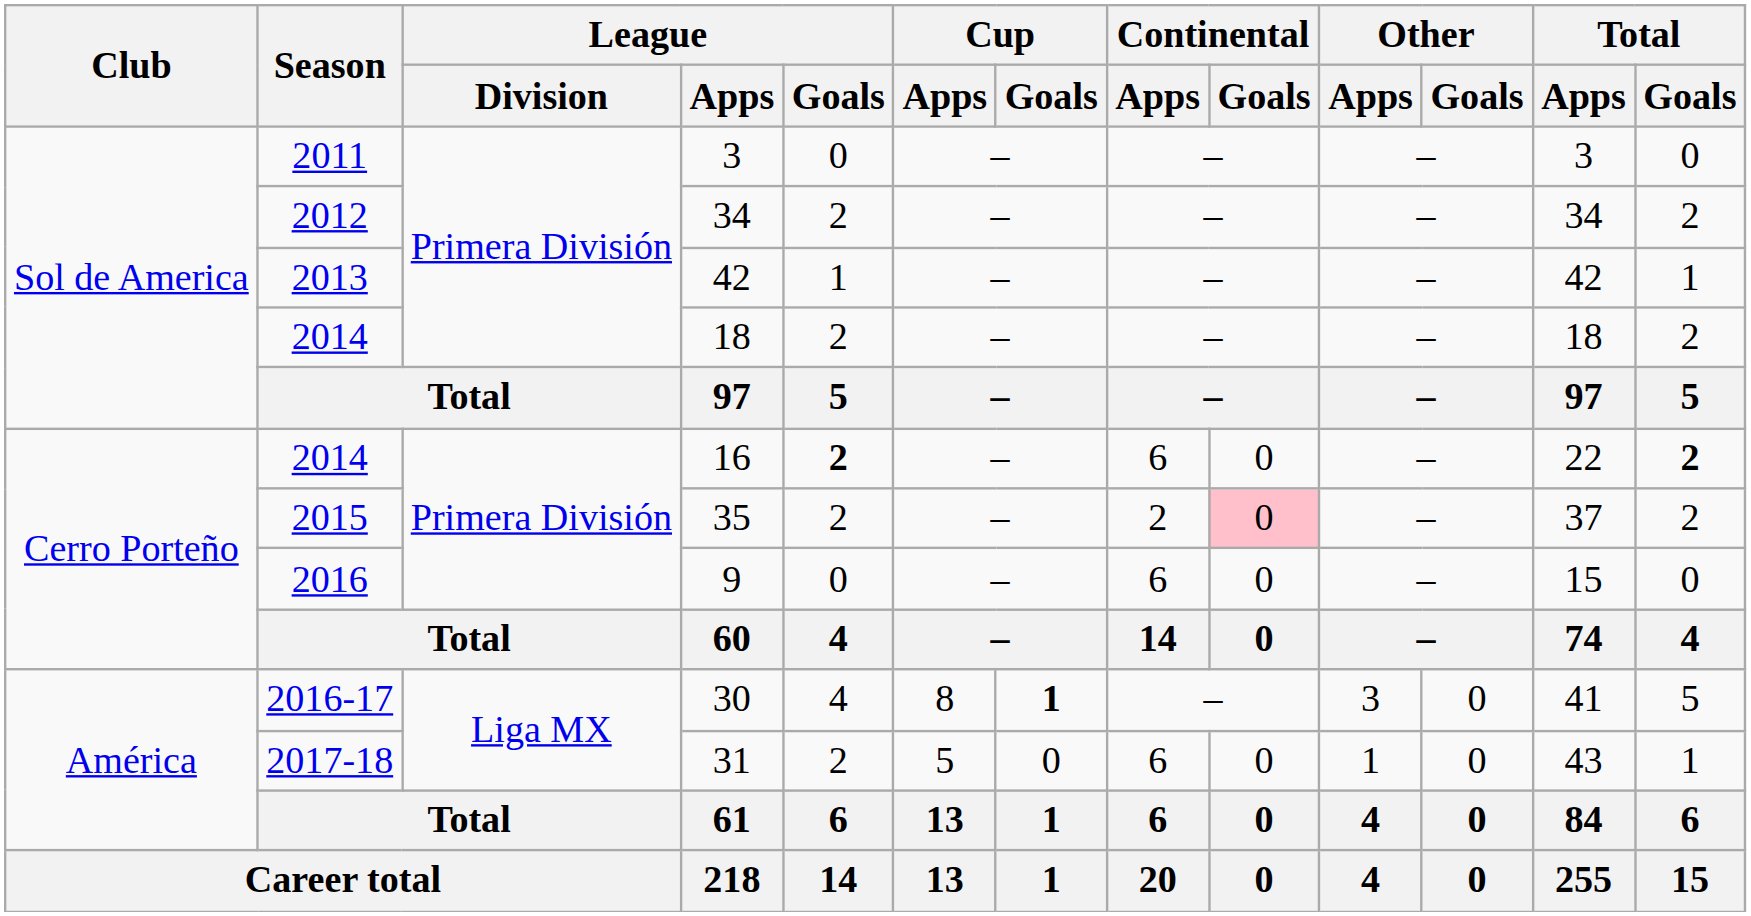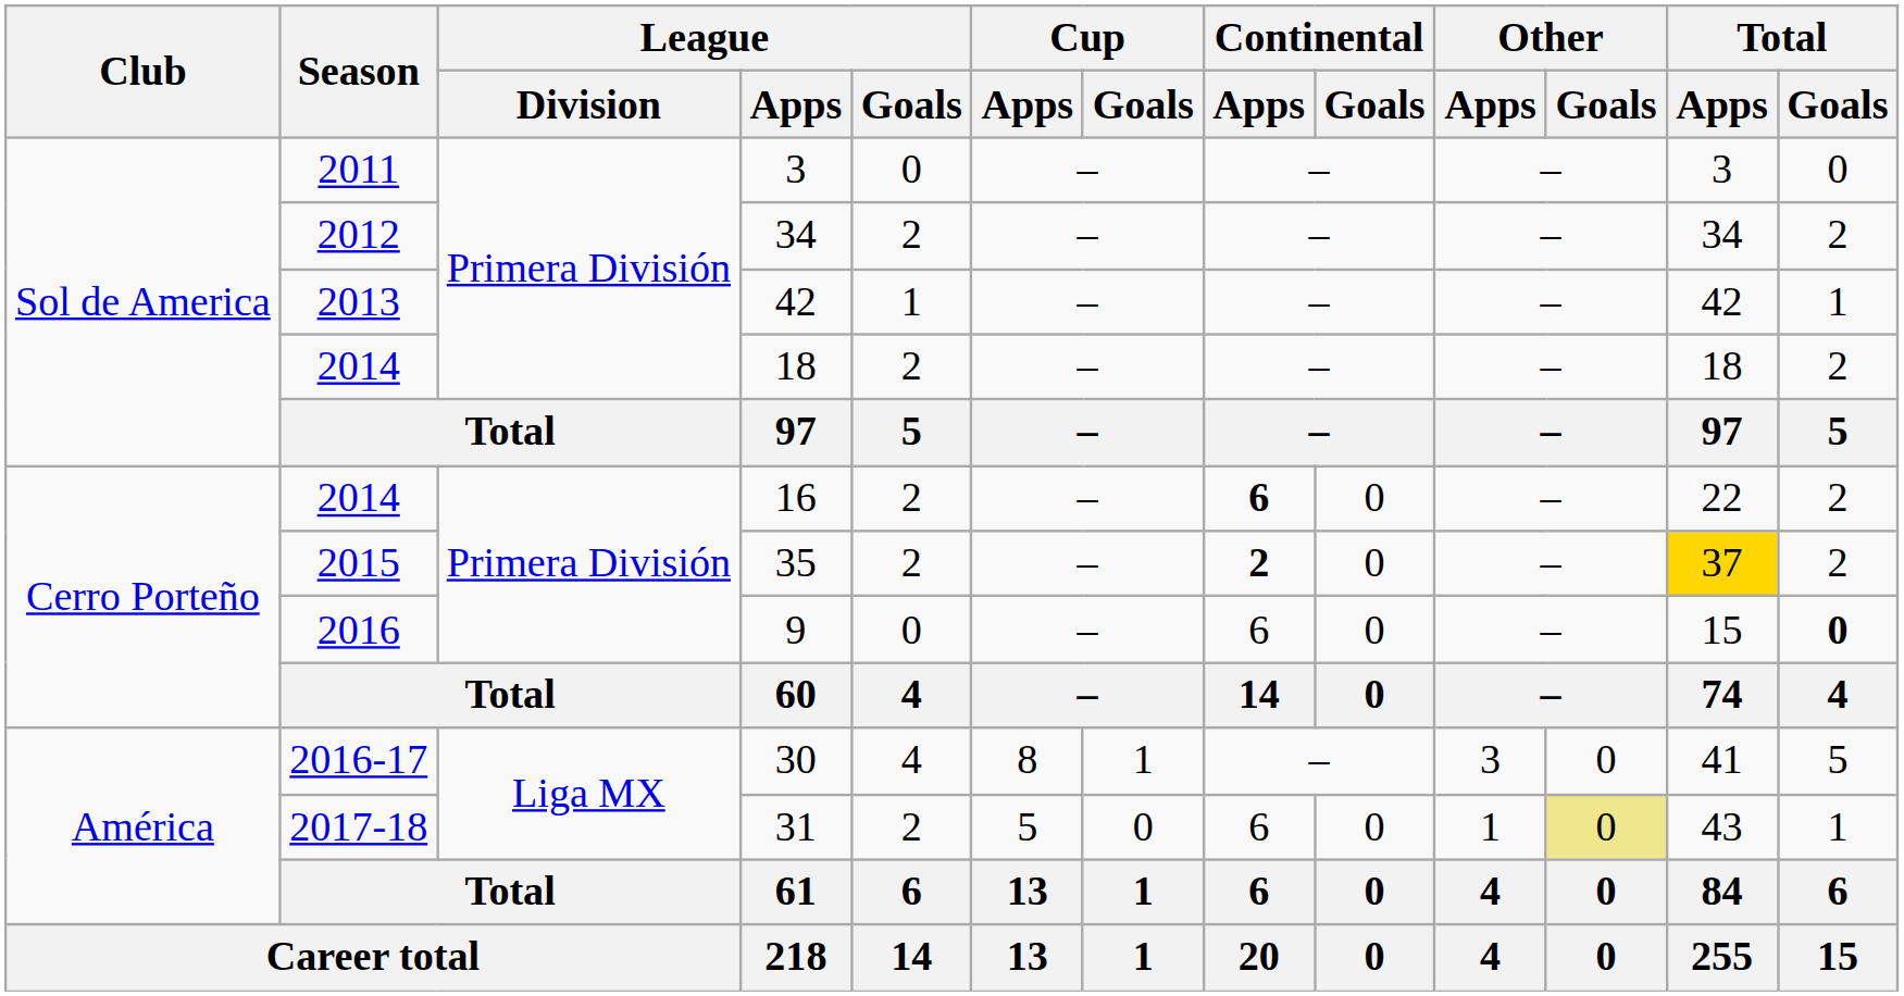 <table class="wikitable" style="text-align: center;">
 <tr>
 <th rowspan="2">Club</th>
 <th rowspan="2">Season</th>
 <th colspan="3">League</th>
 <th colspan="2">Cup</th>
 <th colspan="2">Continental</th>
 <th colspan="2">Other</th>
 <th colspan="2">Total</th>
 </tr>
 <tr>
 <th>Division</th>
 <th>Apps</th>
 <th>Goals</th>
 <th>Apps</th>
 <th>Goals</th>
 <th>Apps</th>
 <th>Goals</th>
 <th>Apps</th>
 <th>Goals</th>
 <th>Apps</th>
 <th>Goals</th>
 </tr>
 <tr>
 <td rowspan="5"><a href='#'>Sol de America</a></td>
 <td><a href='#'>2011</a></td>
 <td rowspan="4"><a href='#'>Primera División</a></td>
 <td>3</td>
 <td>0</td>
 <td colspan="2">–</td>
 <td colspan="2">–</td>
 <td colspan="2">–</td>
 <td>3</td>
 <td>0</td>
 </tr>
 <tr>
 <td><a href='#'>2012</a></td>
 <td>34</td>
 <td>2</td>
 <td colspan="2">–</td>
 <td colspan="2">–</td>
 <td colspan="2">–</td>
 <td>34</td>
 <td>2</td>
 </tr>
 <tr>
 <td><a href='#'>2013</a></td>
 <td>42</td>
 <td>1</td>
 <td colspan="2">–</td>
 <td colspan="2">–</td>
 <td colspan="2">–</td>
 <td>42</td>
 <td>1</td>
 </tr>
 <tr>
 <td><a href='#'>2014</a></td>
 <td>18</td>
 <td>2</td>
 <td colspan="2">–</td>
 <td colspan="2">–</td>
 <td colspan="2">–</td>
 <td>18</td>
 <td>2</td>
 </tr>
 <tr>
 <th colspan="2">Total</th>
 <th>97</th>
 <th>5</th>
 <th colspan="2">–</th>
 <th colspan="2">–</th>
 <th colspan="2">–</th>
 <th>97</th>
 <th>5</th>
 </tr>
 <tr>
 <td rowspan="4"><a href='#'>Cerro Porteño</a></td>
 <td><a href='#'>2014</a></td>
 <td rowspan="3"><a href='#'>Primera División</a></td>
 <td>16</td>
-<td><strong>2</strong></td>
+<td>2</td>
 <td colspan="2">–</td>
-<td>6</td>
+<td><strong>6</strong></td>
 <td>0</td>
 <td colspan="2">–</td>
 <td>22</td>
-<td><strong>2</strong></td>
+<td>2</td>
 </tr>
 <tr>
 <td><a href='#'>2015</a></td>
 <td>35</td>
 <td>2</td>
 <td colspan="2">–</td>
-<td>2</td>
-<td style="background: pink;">0</td>
+<td><strong>2</strong></td>
+<td>0</td>
 <td colspan="2">–</td>
-<td>37</td>
+<td style="background: gold;">37</td>
 <td>2</td>
 </tr>
 <tr>
 <td><a href='#'>2016</a></td>
 <td>9</td>
 <td>0</td>
 <td colspan="2">–</td>
 <td>6</td>
 <td>0</td>
 <td colspan="2">–</td>
 <td>15</td>
-<td>0</td>
+<td><strong>0</strong></td>
 </tr>
 <tr>
 <th colspan="2">Total</th>
 <th>60</th>
 <th>4</th>
 <th colspan="2">–</th>
 <th>14</th>
 <th>0</th>
 <th colspan="2">–</th>
 <th>74</th>
 <th>4</th>
 </tr>
 <tr>
 <td rowspan="3"><a href='#'>América</a></td>
 <td><a href='#'>2016-17</a></td>
 <td rowspan="2"><a href='#'>Liga MX</a></td>
 <td>30</td>
 <td>4</td>
 <td>8</td>
-<td><strong>1</strong></td>
+<td>1</td>
 <td colspan="2">–</td>
 <td>3</td>
 <td>0</td>
 <td>41</td>
 <td>5</td>
 </tr>
 <tr>
 <td><a href='#'>2017-18</a></td>
 <td>31</td>
 <td>2</td>
 <td>5</td>
 <td>0</td>
 <td>6</td>
 <td>0</td>
 <td>1</td>
-<td>0</td>
+<td style="background: khaki;">0</td>
 <td>43</td>
 <td>1</td>
 </tr>
 <tr>
 <th colspan="2">Total</th>
 <th>61</th>
 <th>6</th>
 <th>13</th>
 <th>1</th>
 <th>6</th>
 <th>0</th>
 <th>4</th>
 <th>0</th>
 <th>84</th>
 <th>6</th>
 </tr>
 <tr>
 <th colspan="3">Career total</th>
 <th>218</th>
 <th>14</th>
 <th>13</th>
 <th>1</th>
 <th>20</th>
 <th>0</th>
 <th>4</th>
 <th>0</th>
 <th>255</th>
 <th>15</th>
 </tr>
 </table>
